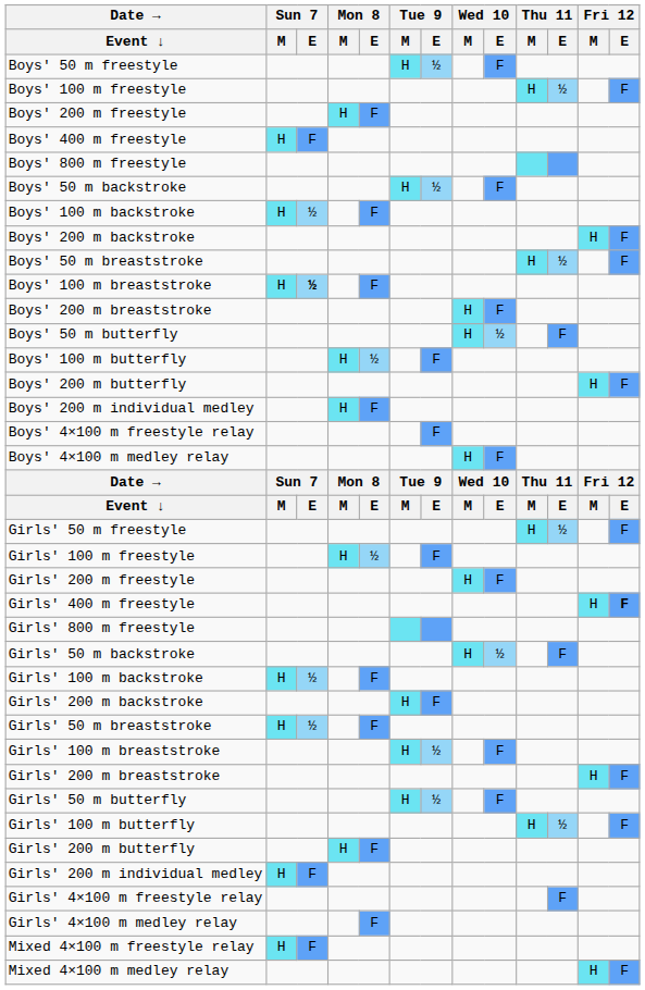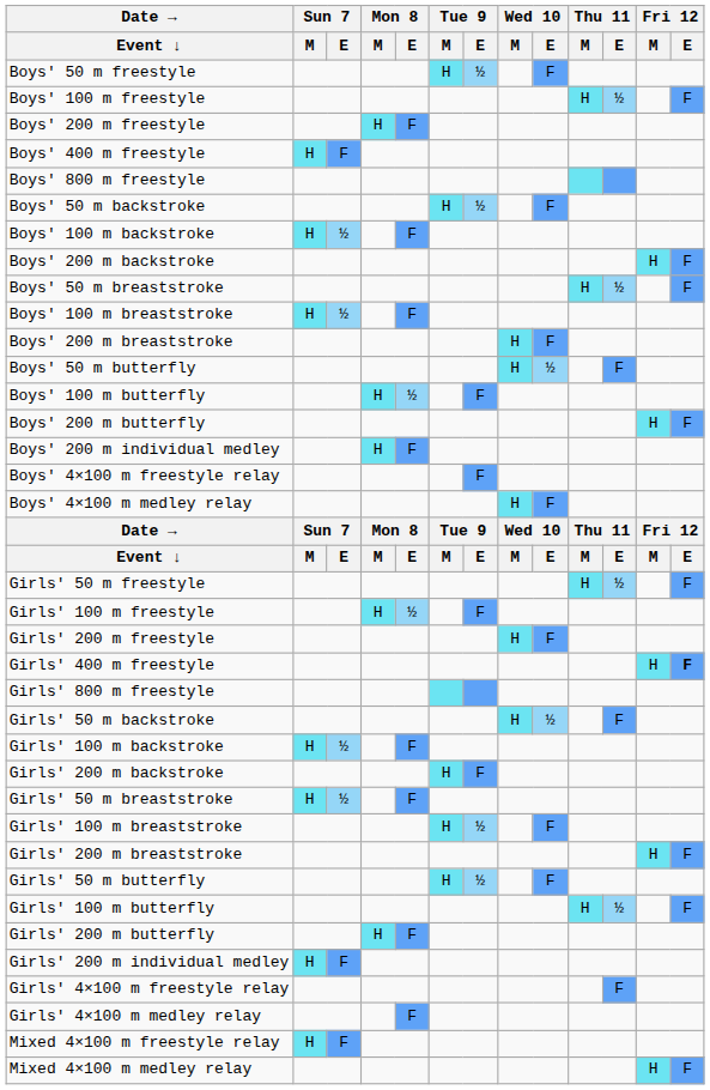 <table class="wikitable" style="margin:0.5em auto; font-size:90%; line-height:1.25em;">
 <tr align="center">
 <th>Date →</th>
 <th width="40px" colspan="2">Sun 7</th>
 <th width="40px" colspan="2">Mon 8</th>
 <th width="40px" colspan="2">Tue 9</th>
 <th width="42px" colspan="2">Wed 10</th>
 <th width="40px" colspan="2">Thu 11</th>
 <th width="40px" colspan="2">Fri 12</th>
 </tr>
 <tr>
 <th>Event ↓</th>
 <th width="20px">M</th>
 <th width="20px">E</th>
 <th width="20px">M</th>
 <th width="20px">E</th>
 <th width="20px">M</th>
 <th width="20px">E</th>
 <th width="21px">M</th>
 <th width="21px">E</th>
 <th width="20px">M</th>
 <th width="20px">E</th>
 <th width="20px">M</th>
 <th width="20px">E</th>
 </tr>
 <tr align="center">
 <td align="left">Boys' 50 m freestyle</td>
 <td colspan=2></td>
 <td colspan=2></td>
 <td bgcolor="#6be4f2">H</td>
 <td bgcolor="#95d6f7">½</td>
 <td></td>
 <td bgcolor="#5ea2f7">F</td>
 <td colspan=2></td>
 <td colspan=2></td>
 </tr>
 <tr align="center">
 <td align="left">Boys' 100 m freestyle</td>
 <td colspan=2></td>
 <td colspan=2></td>
 <td colspan=2></td>
 <td colspan=2></td>
 <td bgcolor="#6be4f2">H</td>
 <td bgcolor="#95d6f7">½</td>
 <td></td>
 <td bgcolor="#5ea2f7">F</td>
 </tr>
 <tr align="center">
 <td align="left">Boys' 200 m freestyle</td>
 <td colspan=2></td>
 <td bgcolor="#6be4f2">H</td>
 <td bgcolor="#5ea2f7">F</td>
 <td colspan=2></td>
 <td colspan=2></td>
 <td colspan=2></td>
 <td colspan=2></td>
 </tr>
 <tr align="center">
 <td align="left">Boys' 400 m freestyle</td>
 <td bgcolor="#6be4f2">H</td>
 <td bgcolor="#5ea2f7">F</td>
 <td colspan=2></td>
 <td colspan=2></td>
 <td colspan=2></td>
 <td colspan=2></td>
 <td colspan=2></td>
 </tr>
 <tr align="center">
 <td align="left">Boys' 800 m freestyle</td>
 <td colspan=2></td>
 <td colspan=2></td>
 <td colspan=2></td>
 <td colspan=2></td>
 <td bgcolor="#6be4f2"></td>
 <td bgcolor="#5ea2f7"></td>
 <td colspan=2></td>
 </tr>
 <tr align="center">
 <td align="left">Boys' 50 m backstroke</td>
 <td colspan=2></td>
 <td colspan=2></td>
 <td bgcolor="#6be4f2">H</td>
 <td bgcolor="#95d6f7">½</td>
 <td></td>
 <td bgcolor="#5ea2f7">F</td>
 <td colspan=2></td>
 <td colspan=2></td>
 </tr>
 <tr align="center">
 <td align="left">Boys' 100 m backstroke</td>
 <td bgcolor="#6be4f2">H</td>
 <td bgcolor="#95d6f7">½</td>
 <td></td>
 <td bgcolor="#5ea2f7">F</td>
 <td colspan=2></td>
 <td colspan=2></td>
 <td colspan=2></td>
 <td colspan=2></td>
 </tr>
 <tr align="center">
 <td align="left">Boys' 200 m backstroke</td>
 <td colspan=2></td>
 <td colspan=2></td>
 <td colspan=2></td>
 <td colspan=2></td>
 <td colspan=2></td>
 <td bgcolor="#6be4f2">H</td>
 <td bgcolor="#5ea2f7">F</td>
 </tr>
 <tr align="center">
 <td align="left">Boys' 50 m breaststroke</td>
 <td colspan=2></td>
 <td colspan=2></td>
 <td colspan=2></td>
 <td colspan=2></td>
 <td bgcolor="#6be4f2">H</td>
 <td bgcolor="#95d6f7">½</td>
 <td></td>
 <td bgcolor="#5ea2f7">F</td>
 </tr>
 <tr align="center">
 <td align="left">Boys' 100 m breaststroke</td>
 <td bgcolor="#6be4f2">H</td>
-<td bgcolor="#95d6f7"><strong>½</strong></td>
+<td bgcolor="#95d6f7">½</td>
 <td></td>
 <td bgcolor="#5ea2f7">F</td>
 <td colspan=2></td>
 <td colspan=2></td>
 <td colspan=2></td>
 <td colspan=2></td>
 </tr>
 <tr align="center">
 <td align="left">Boys' 200 m breaststroke</td>
 <td colspan=2></td>
 <td colspan=2></td>
 <td colspan=2></td>
 <td bgcolor="#6be4f2">H</td>
 <td bgcolor="#5ea2f7">F</td>
 <td colspan=2></td>
 <td colspan=2></td>
 </tr>
 <tr align="center">
 <td align="left">Boys' 50 m butterfly</td>
 <td colspan=2></td>
 <td colspan=2></td>
 <td colspan=2></td>
 <td bgcolor="#6be4f2">H</td>
 <td bgcolor="#95d6f7">½</td>
 <td></td>
 <td bgcolor="#5ea2f7">F</td>
 <td colspan=2></td>
 </tr>
 <tr align="center">
 <td align="left">Boys' 100 m butterfly</td>
 <td colspan=2></td>
 <td bgcolor="#6be4f2">H</td>
 <td bgcolor="#95d6f7">½</td>
 <td></td>
 <td bgcolor="#5ea2f7">F</td>
 <td colspan=2></td>
 <td colspan=2></td>
 <td colspan=2></td>
 </tr>
 <tr align="center">
 <td align="left">Boys' 200 m butterfly</td>
 <td colspan=2></td>
 <td colspan=2></td>
 <td colspan=2></td>
 <td colspan=2></td>
 <td colspan=2></td>
 <td bgcolor="#6be4f2">H</td>
 <td bgcolor="#5ea2f7">F</td>
 </tr>
 <tr align="center">
 <td align="left">Boys' 200 m individual medley</td>
 <td colspan=2></td>
 <td bgcolor="#6be4f2">H</td>
 <td bgcolor="#5ea2f7">F</td>
 <td colspan=2></td>
 <td colspan=2></td>
 <td colspan=2></td>
 <td colspan=2></td>
 </tr>
 <tr align="center">
 <td align="left">Boys' 4×100 m freestyle relay</td>
 <td colspan=2></td>
 <td colspan=2></td>
 <td></td>
 <td bgcolor="#5ea2f7">F</td>
 <td colspan=2></td>
 <td colspan=2></td>
 <td colspan=2></td>
 </tr>
 <tr align="center">
 <td align="left">Boys' 4×100 m medley relay</td>
 <td colspan=2></td>
 <td colspan=2></td>
 <td colspan=2></td>
 <td bgcolor="#6be4f2">H</td>
 <td bgcolor="#5ea2f7">F</td>
 <td colspan=2></td>
 <td colspan=2></td>
 </tr>
 <tr align="center">
 <th>Date →</th>
 <th width="40px" colspan="2">Sun 7</th>
 <th width="40px" colspan="2">Mon 8</th>
 <th width="40px" colspan="2">Tue 9</th>
 <th width="42px" colspan="2">Wed 10</th>
 <th width="40px" colspan="2">Thu 11</th>
 <th width="40px" colspan="2">Fri 12</th>
 </tr>
 <tr>
 <th>Event ↓</th>
 <th width="20px">M</th>
 <th width="20px">E</th>
 <th width="20px">M</th>
 <th width="20px">E</th>
 <th width="20px">M</th>
 <th width="20px">E</th>
 <th width="21px">M</th>
 <th width="21px">E</th>
 <th width="20px">M</th>
 <th width="20px">E</th>
 <th width="20px">M</th>
 <th width="20px">E</th>
 </tr>
 <tr align="center">
 <td align="left">Girls' 50 m freestyle</td>
 <td colspan=2></td>
 <td colspan=2></td>
 <td colspan=2></td>
 <td colspan=2></td>
 <td bgcolor="#6be4f2">H</td>
 <td bgcolor="#95d6f7">½</td>
 <td></td>
 <td bgcolor="#5ea2f7">F</td>
 </tr>
 <tr align="center">
 <td align="left">Girls' 100 m freestyle</td>
 <td colspan=2></td>
 <td bgcolor="#6be4f2">H</td>
 <td bgcolor="#95d6f7">½</td>
 <td></td>
 <td bgcolor="#5ea2f7">F</td>
 <td colspan=2></td>
 <td colspan=2></td>
 <td colspan=2></td>
 </tr>
 <tr align="center">
 <td align="left">Girls' 200 m freestyle</td>
 <td colspan=2></td>
 <td colspan=2></td>
 <td colspan=2></td>
 <td bgcolor="#6be4f2">H</td>
 <td bgcolor="#5ea2f7">F</td>
 <td colspan=2></td>
 <td colspan=2></td>
 </tr>
 <tr align="center">
 <td align="left">Girls' 400 m freestyle</td>
 <td colspan=2></td>
 <td colspan=2></td>
 <td colspan=2></td>
 <td colspan=2></td>
 <td colspan=2></td>
 <td bgcolor="#6be4f2">H</td>
 <td bgcolor="#5ea2f7"><strong>F</strong></td>
 </tr>
 <tr align="center">
 <td align="left">Girls' 800 m freestyle</td>
 <td colspan=2></td>
 <td colspan=2></td>
 <td bgcolor="#6be4f2"></td>
 <td bgcolor="#5ea2f7"></td>
 <td colspan=2></td>
 <td colspan=2></td>
 <td colspan=2></td>
 </tr>
 <tr align="center">
 <td align="left">Girls' 50 m backstroke</td>
 <td colspan=2></td>
 <td colspan=2></td>
 <td colspan=2></td>
 <td bgcolor="#6be4f2">H</td>
 <td bgcolor="#95d6f7">½</td>
 <td></td>
 <td bgcolor="#5ea2f7">F</td>
 <td colspan=2></td>
 </tr>
 <tr align="center">
 <td align="left">Girls' 100 m backstroke</td>
 <td bgcolor="#6be4f2">H</td>
 <td bgcolor="#95d6f7">½</td>
 <td></td>
 <td bgcolor="#5ea2f7">F</td>
 <td colspan=2></td>
 <td colspan=2></td>
 <td colspan=2></td>
 <td colspan=2></td>
 </tr>
 <tr align="center">
 <td align="left">Girls' 200 m backstroke</td>
 <td colspan=2></td>
 <td colspan=2></td>
 <td bgcolor="#6be4f2">H</td>
 <td bgcolor="#5ea2f7">F</td>
 <td colspan=2></td>
 <td colspan=2></td>
 <td colspan=2></td>
 </tr>
 <tr align="center">
 <td align="left">Girls' 50 m breaststroke</td>
 <td bgcolor="#6be4f2">H</td>
 <td bgcolor="#95d6f7">½</td>
 <td></td>
 <td bgcolor="#5ea2f7">F</td>
 <td colspan=2></td>
 <td colspan=2></td>
 <td colspan=2></td>
 <td colspan=2></td>
 </tr>
 <tr align="center">
 <td align="left">Girls' 100 m breaststroke</td>
 <td colspan=2></td>
 <td colspan=2></td>
 <td bgcolor="#6be4f2">H</td>
 <td bgcolor="#95d6f7">½</td>
 <td></td>
 <td bgcolor="#5ea2f7">F</td>
 <td colspan=2></td>
 <td colspan=2></td>
 </tr>
 <tr align="center">
 <td align="left">Girls' 200 m breaststroke</td>
 <td colspan=2></td>
 <td colspan=2></td>
 <td colspan=2></td>
 <td colspan=2></td>
 <td colspan=2></td>
 <td bgcolor="#6be4f2">H</td>
 <td bgcolor="#5ea2f7">F</td>
 </tr>
 <tr align="center">
 <td align="left">Girls' 50 m butterfly</td>
 <td colspan=2></td>
 <td colspan=2></td>
 <td bgcolor="#6be4f2">H</td>
 <td bgcolor="#95d6f7">½</td>
 <td></td>
 <td bgcolor="#5ea2f7">F</td>
 <td colspan=2></td>
 <td colspan=2></td>
 </tr>
 <tr align="center">
 <td align="left">Girls' 100 m butterfly</td>
 <td colspan=2></td>
 <td colspan=2></td>
 <td colspan=2></td>
 <td colspan=2></td>
 <td bgcolor="#6be4f2">H</td>
 <td bgcolor="#95d6f7">½</td>
 <td></td>
 <td bgcolor="#5ea2f7">F</td>
 </tr>
 <tr align="center">
 <td align="left">Girls' 200 m butterfly</td>
 <td colspan=2></td>
 <td bgcolor="#6be4f2">H</td>
 <td bgcolor="#5ea2f7">F</td>
 <td colspan=2></td>
 <td colspan=2></td>
 <td colspan=2></td>
 <td colspan=2></td>
 </tr>
 <tr align="center">
 <td align="left">Girls' 200 m individual medley</td>
 <td bgcolor="#6be4f2">H</td>
 <td bgcolor="#5ea2f7">F</td>
 <td colspan=2></td>
 <td colspan=2></td>
 <td colspan=2></td>
 <td colspan=2></td>
 <td colspan=2></td>
 </tr>
 <tr align="center">
 <td align="left">Girls' 4×100 m freestyle relay</td>
 <td colspan=2></td>
 <td colspan=2></td>
 <td colspan=2></td>
 <td colspan=2></td>
 <td></td>
 <td bgcolor="#5ea2f7">F</td>
 <td colspan=2></td>
 </tr>
 <tr align="center">
 <td align="left">Girls' 4×100 m medley relay</td>
 <td colspan=2></td>
 <td></td>
 <td bgcolor="#5ea2f7">F</td>
 <td colspan=2></td>
 <td colspan=2></td>
 <td colspan=2></td>
 <td colspan=2></td>
 </tr>
 <tr align="center">
 <td align="left">Mixed 4×100 m freestyle relay</td>
 <td bgcolor="#6be4f2">H</td>
 <td bgcolor="#5ea2f7">F</td>
 <td colspan=2></td>
 <td colspan=2></td>
 <td colspan=2></td>
 <td colspan=2></td>
 <td colspan=2></td>
 </tr>
 <tr align="center">
 <td align="left">Mixed 4×100 m medley relay</td>
 <td colspan=2></td>
 <td colspan=2></td>
 <td colspan=2></td>
 <td colspan=2></td>
 <td colspan=2></td>
 <td bgcolor="#6be4f2">H</td>
 <td bgcolor="#5ea2f7">F</td>
 </tr>
 </table>
